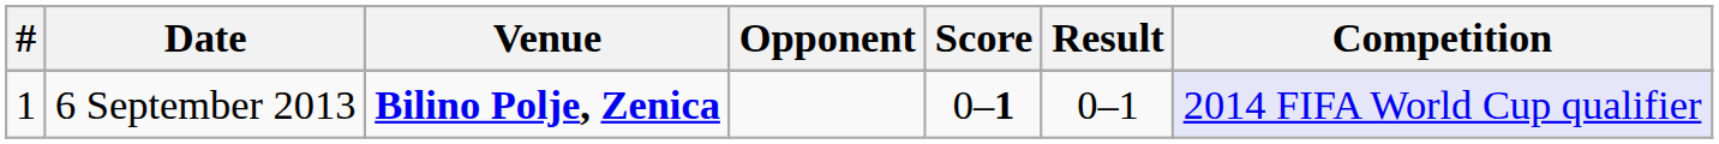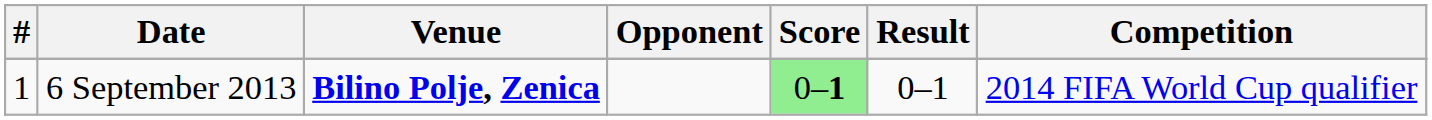 <table class="wikitable" border="1">
 <tr>
 <th>#</th>
 <th>Date</th>
 <th>Venue</th>
 <th>Opponent</th>
 <th>Score</th>
 <th>Result</th>
 <th>Competition</th>
 </tr>
 <tr>
 </tr>
 <tr>
 <td>1</td>
 <td>6 September 2013</td>
 <td><strong><a href='#'>Bilino Polje</a>, <a href='#'>Zenica</a></strong></td>
 <td></td>
-<td align=center>0–<strong>1</strong></td>
+<td align=center style="background: lightgreen;">0–<strong>1</strong></td>
 <td align=center>0–1</td>
-<td style="background: lavender;"><a href='#'>2014 FIFA World Cup qualifier</a></td>
+<td><a href='#'>2014 FIFA World Cup qualifier</a></td>
 </tr>
 </table>
